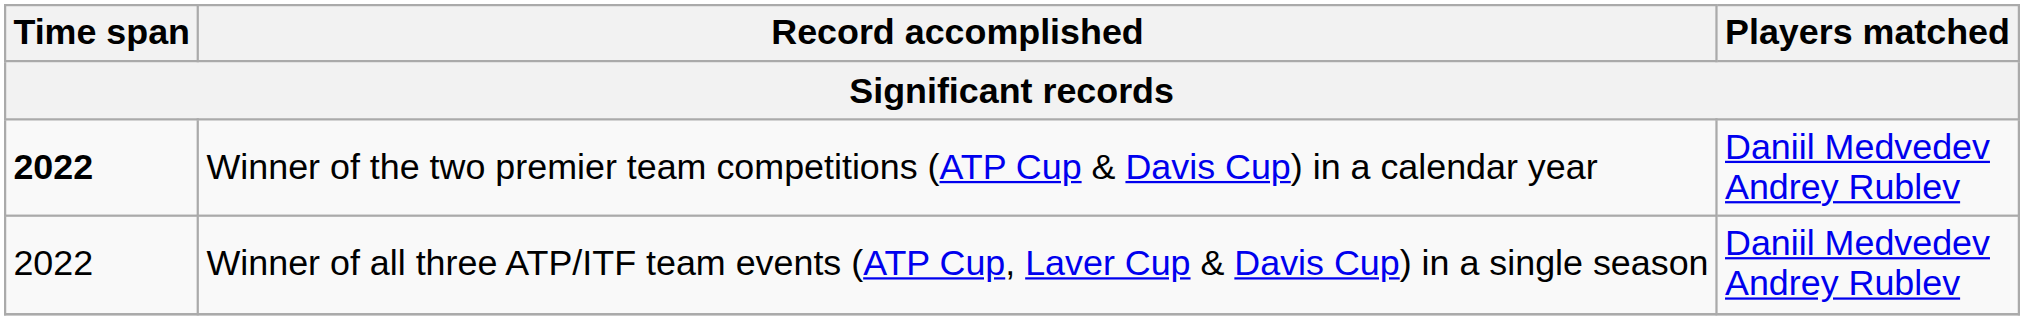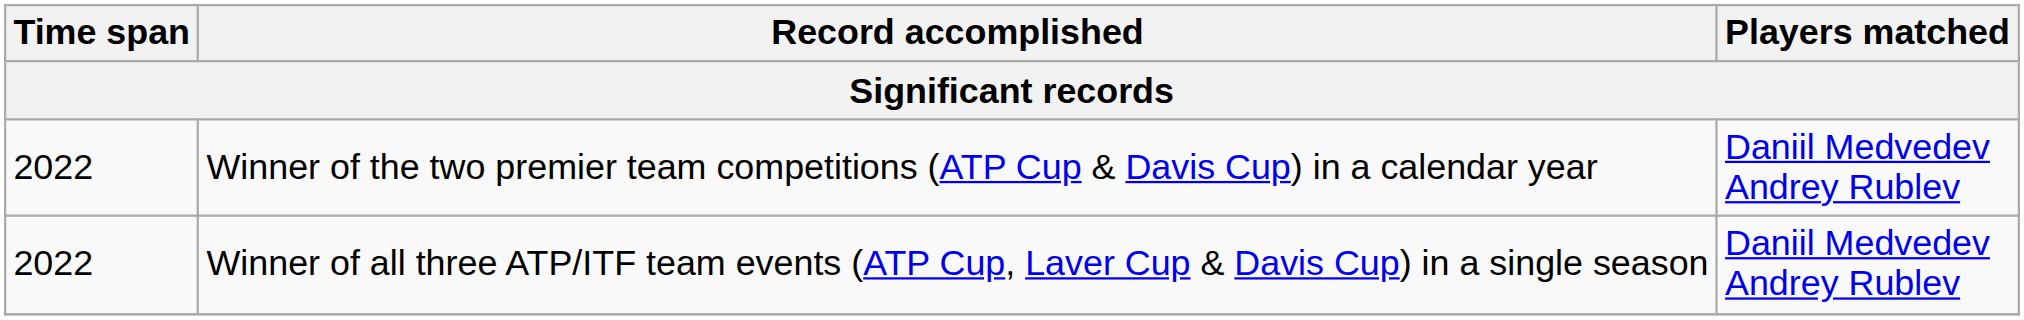 <table class="wikitable collapsible collapsed" style=text-align:left>
 <tr>
 <th>Time span</th>
 <th>Record accomplished</th>
 <th>Players matched</th>
 </tr>
 <tr>
 <th colspan="3">Significant records</th>
 </tr>
 <tr>
-<td><strong>2022</strong></td>
+<td>2022</td>
 <td>Winner of the two premier team competitions (<a href='#'>ATP Cup</a> & <a href='#'>Davis Cup</a>) in a calendar year</td>
 <td><a href='#'>Daniil Medvedev</a><br><a href='#'>Andrey Rublev</a></td>
 </tr>
 <tr>
 <td>2022</td>
 <td>Winner of all three ATP/ITF team events (<a href='#'>ATP Cup</a>, <a href='#'>Laver Cup</a>  & <a href='#'>Davis Cup</a>) in a single season</td>
 <td><a href='#'>Daniil Medvedev</a><br><a href='#'>Andrey Rublev</a></td>
 </tr>
 <tr>
 </tr>
 </table>
